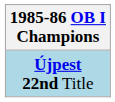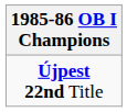 <table class="wikitable" style="text-align: center; margin: 0 auto;">
 <tr>
 <th>1985-86 <a href='#'>OB I</a><br>Champions</th>
 </tr>
 <tr>
-<td style="background: lightblue;"><strong><a href='#'>Újpest</a></strong><br><strong>22nd</strong> Title</td>
+<td><strong><a href='#'>Újpest</a></strong><br><strong>22nd</strong> Title</td>
 </tr>
 </table>
